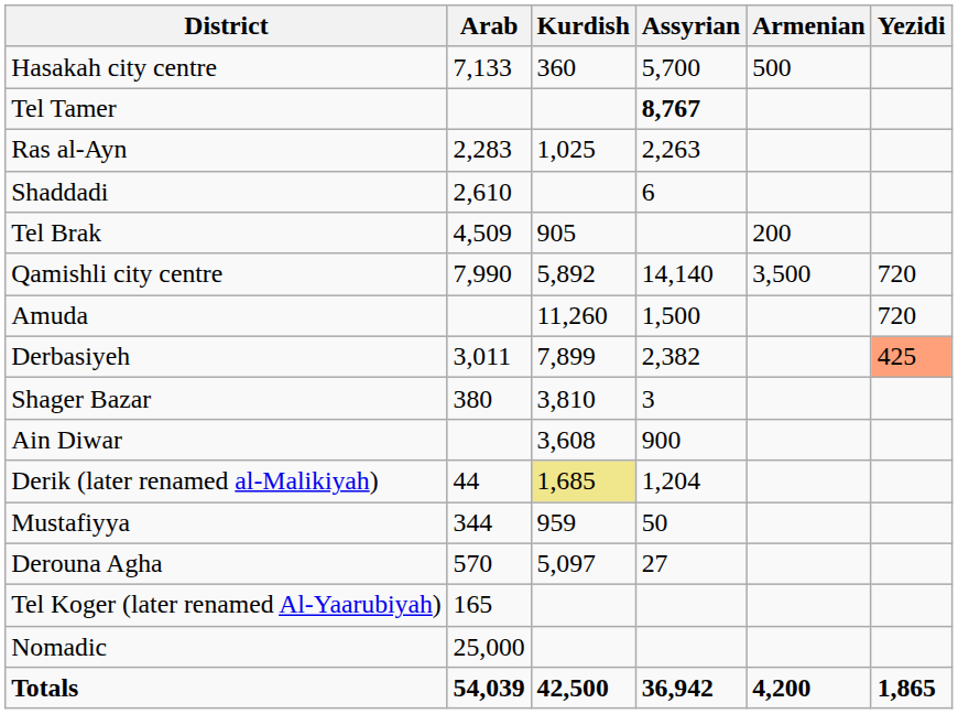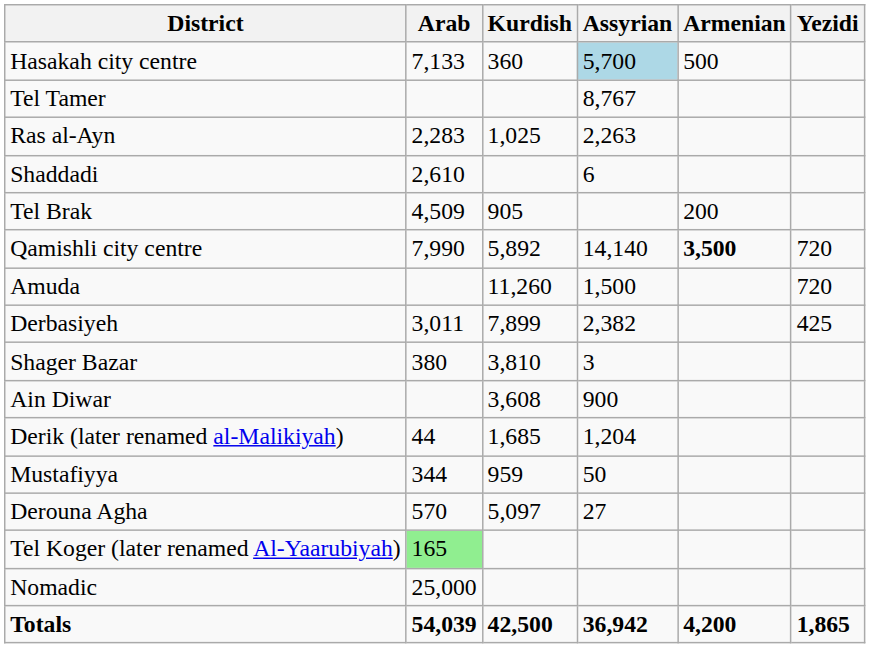 <table class="wikitable sortable">
 <tr>
 <th>District</th>
 <th>Arab</th>
 <th>Kurdish</th>
 <th>Assyrian</th>
 <th>Armenian</th>
 <th>Yezidi</th>
 </tr>
 <tr>
 <td>Hasakah city centre</td>
 <td>7,133</td>
 <td>360</td>
-<td>5,700</td>
+<td style="background: lightblue;">5,700</td>
 <td>500</td>
 <td></td>
 </tr>
 <tr>
 <td>Tel Tamer</td>
 <td></td>
 <td></td>
-<td><strong>8,767</strong></td>
+<td>8,767</td>
 <td></td>
 <td></td>
 </tr>
 <tr>
 <td>Ras al-Ayn</td>
 <td>2,283</td>
 <td>1,025</td>
 <td>2,263</td>
 <td></td>
 </tr>
 <tr>
 <td>Shaddadi</td>
 <td>2,610</td>
 <td></td>
 <td>6</td>
 <td></td>
 <td></td>
 </tr>
 <tr>
 <td>Tel Brak</td>
 <td>4,509</td>
 <td>905</td>
 <td></td>
 <td>200</td>
 <td></td>
 </tr>
 <tr>
 <td>Qamishli city centre</td>
 <td>7,990</td>
 <td>5,892</td>
 <td>14,140</td>
-<td>3,500</td>
+<td><strong>3,500</strong></td>
 <td>720</td>
 </tr>
 <tr>
 <td>Amuda</td>
 <td></td>
 <td>11,260</td>
 <td>1,500</td>
 <td></td>
 <td>720</td>
 </tr>
 <tr>
 <td>Derbasiyeh</td>
 <td>3,011</td>
 <td>7,899</td>
 <td>2,382</td>
 <td></td>
-<td style="background: lightsalmon;">425</td>
+<td>425</td>
 </tr>
 <tr>
 <td>Shager Bazar</td>
 <td>380</td>
 <td>3,810</td>
 <td>3</td>
 <td></td>
 <td></td>
 </tr>
 <tr>
 <td>Ain Diwar</td>
 <td></td>
 <td>3,608</td>
 <td>900</td>
 <td></td>
 <td></td>
 </tr>
 <tr>
 <td>Derik (later renamed <a href='#'>al-Malikiyah</a>)</td>
 <td>44</td>
-<td style="background: khaki;">1,685</td>
+<td>1,685</td>
 <td>1,204</td>
 <td></td>
 <td></td>
 </tr>
 <tr>
 <td>Mustafiyya</td>
 <td>344</td>
 <td>959</td>
 <td>50</td>
 <td></td>
 <td></td>
 </tr>
 <tr>
 <td>Derouna Agha</td>
 <td>570</td>
 <td>5,097</td>
 <td>27</td>
 <td></td>
 <td></td>
 </tr>
 <tr>
 <td>Tel Koger (later renamed <a href='#'>Al-Yaarubiyah</a>)</td>
-<td>165</td>
+<td style="background: lightgreen;">165</td>
 <td></td>
 <td></td>
 <td></td>
 <td></td>
 </tr>
 <tr>
 <td>Nomadic</td>
 <td>25,000</td>
 <td></td>
 <td></td>
 <td></td>
 <td></td>
 </tr>
 <tr>
 <td><strong>Totals</strong></td>
 <td><strong>54,039</strong></td>
 <td><strong>42,500</strong></td>
 <td><strong>36,942</strong></td>
 <td><strong>4,200</strong></td>
 <td><strong>1,865</strong></td>
 </tr>
 </table>
